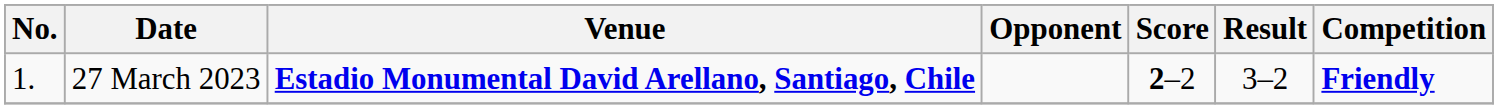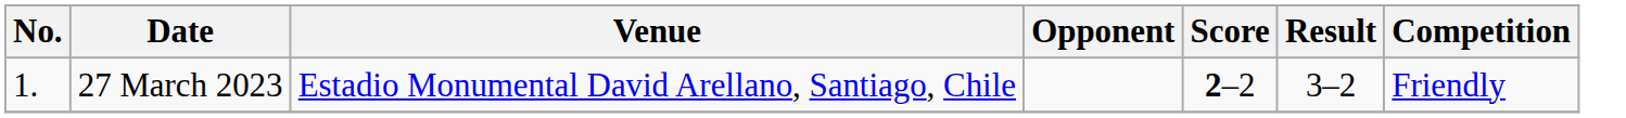 <table class="wikitable">
 <tr>
 <th>No.</th>
 <th>Date</th>
 <th>Venue</th>
 <th>Opponent</th>
 <th>Score</th>
 <th>Result</th>
 <th>Competition</th>
 </tr>
 <tr>
 <td>1.</td>
 <td>27 March 2023</td>
-<td><strong><a href='#'>Estadio Monumental David Arellano</a>, <a href='#'>Santiago</a>, <a href='#'>Chile</a></strong></td>
+<td><a href='#'>Estadio Monumental David Arellano</a>, <a href='#'>Santiago</a>, <a href='#'>Chile</a></td>
 <td></td>
 <td align=center><strong>2</strong>–2</td>
 <td align=center>3–2</td>
-<td><strong><a href='#'>Friendly</a></strong></td>
+<td><a href='#'>Friendly</a></td>
 </tr>
 <tr>
 </tr>
 </table>
